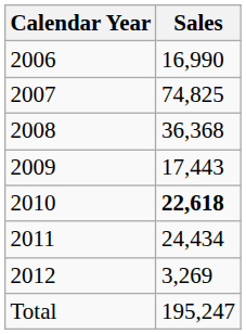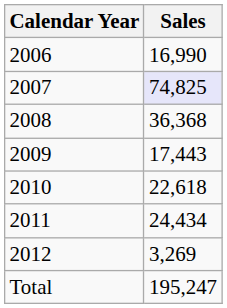 <table class="wikitable">
 <tr>
 <th>Calendar Year</th>
 <th>Sales</th>
 </tr>
 <tr>
 <td>2006</td>
 <td>16,990</td>
 </tr>
 <tr>
 <td>2007</td>
-<td>74,825</td>
+<td style="background: lavender;">74,825</td>
 </tr>
 <tr>
 <td>2008</td>
 <td>36,368</td>
 </tr>
 <tr>
 <td>2009</td>
 <td>17,443</td>
 </tr>
 <tr>
 <td>2010</td>
-<td><strong>22,618</strong></td>
+<td>22,618</td>
 </tr>
 <tr>
 <td>2011</td>
 <td>24,434</td>
 </tr>
 <tr>
 <td>2012</td>
 <td>3,269</td>
 </tr>
 <tr>
 <td>Total</td>
 <td>195,247</td>
 </tr>
 </table>
